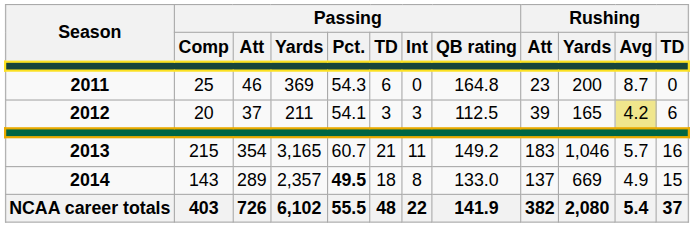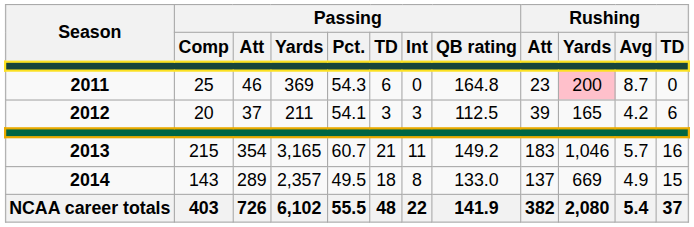 <table class=wikitable style="text-align:center;">
 <tr>
 <th rowspan=2>Season</th>
 <th colspan=7>Passing</th>
 <th colspan=4>Rushing</th>
 </tr>
 <tr>
 <th>Comp</th>
 <th>Att</th>
 <th>Yards</th>
 <th>Pct.</th>
 <th>TD</th>
 <th>Int</th>
 <th>QB rating</th>
 <th>Att</th>
 <th>Yards</th>
 <th>Avg</th>
 <th>TD</th>
 </tr>
 <tr>
 <td ! colspan="12" style="background: #18453b; border: 2px solid #fce122; color:white;"></td>
 </tr>
 <tr>
 <td><strong>2011</strong></td>
 <td>25</td>
 <td>46</td>
 <td>369</td>
 <td>54.3</td>
 <td>6</td>
 <td>0</td>
 <td>164.8</td>
 <td>23</td>
-<td>200</td>
+<td style="background: pink;">200</td>
 <td>8.7</td>
 <td>0</td>
 </tr>
 <tr>
 <td><strong>2012</strong></td>
 <td>20</td>
 <td>37</td>
 <td>211</td>
 <td>54.1</td>
 <td>3</td>
 <td>3</td>
 <td>112.5</td>
 <td>39</td>
 <td>165</td>
-<td style="background: khaki;">4.2</td>
+<td>4.2</td>
 <td>6</td>
 </tr>
 <tr>
 <td ! colspan="12" style="background: #006643; border: 2px solid #EAAB00; color:white;"></td>
 </tr>
 <tr>
 <td><strong>2013</strong></td>
 <td>215</td>
 <td>354</td>
 <td>3,165</td>
 <td>60.7</td>
 <td>21</td>
 <td>11</td>
 <td>149.2</td>
 <td>183</td>
 <td>1,046</td>
 <td>5.7</td>
 <td>16</td>
 </tr>
 <tr>
 <td><strong>2014</strong></td>
 <td>143</td>
 <td>289</td>
 <td>2,357</td>
-<td><strong>49.5</strong></td>
+<td>49.5</td>
 <td>18</td>
 <td>8</td>
 <td>133.0</td>
 <td>137</td>
 <td>669</td>
 <td>4.9</td>
 <td>15</td>
 </tr>
 <tr>
 <th>NCAA career totals</th>
 <th>403</th>
 <th>726</th>
 <th>6,102</th>
 <th>55.5</th>
 <th>48</th>
 <th>22</th>
 <th>141.9</th>
 <th>382</th>
 <th>2,080</th>
 <th>5.4</th>
 <th>37</th>
 </tr>
 </table>
